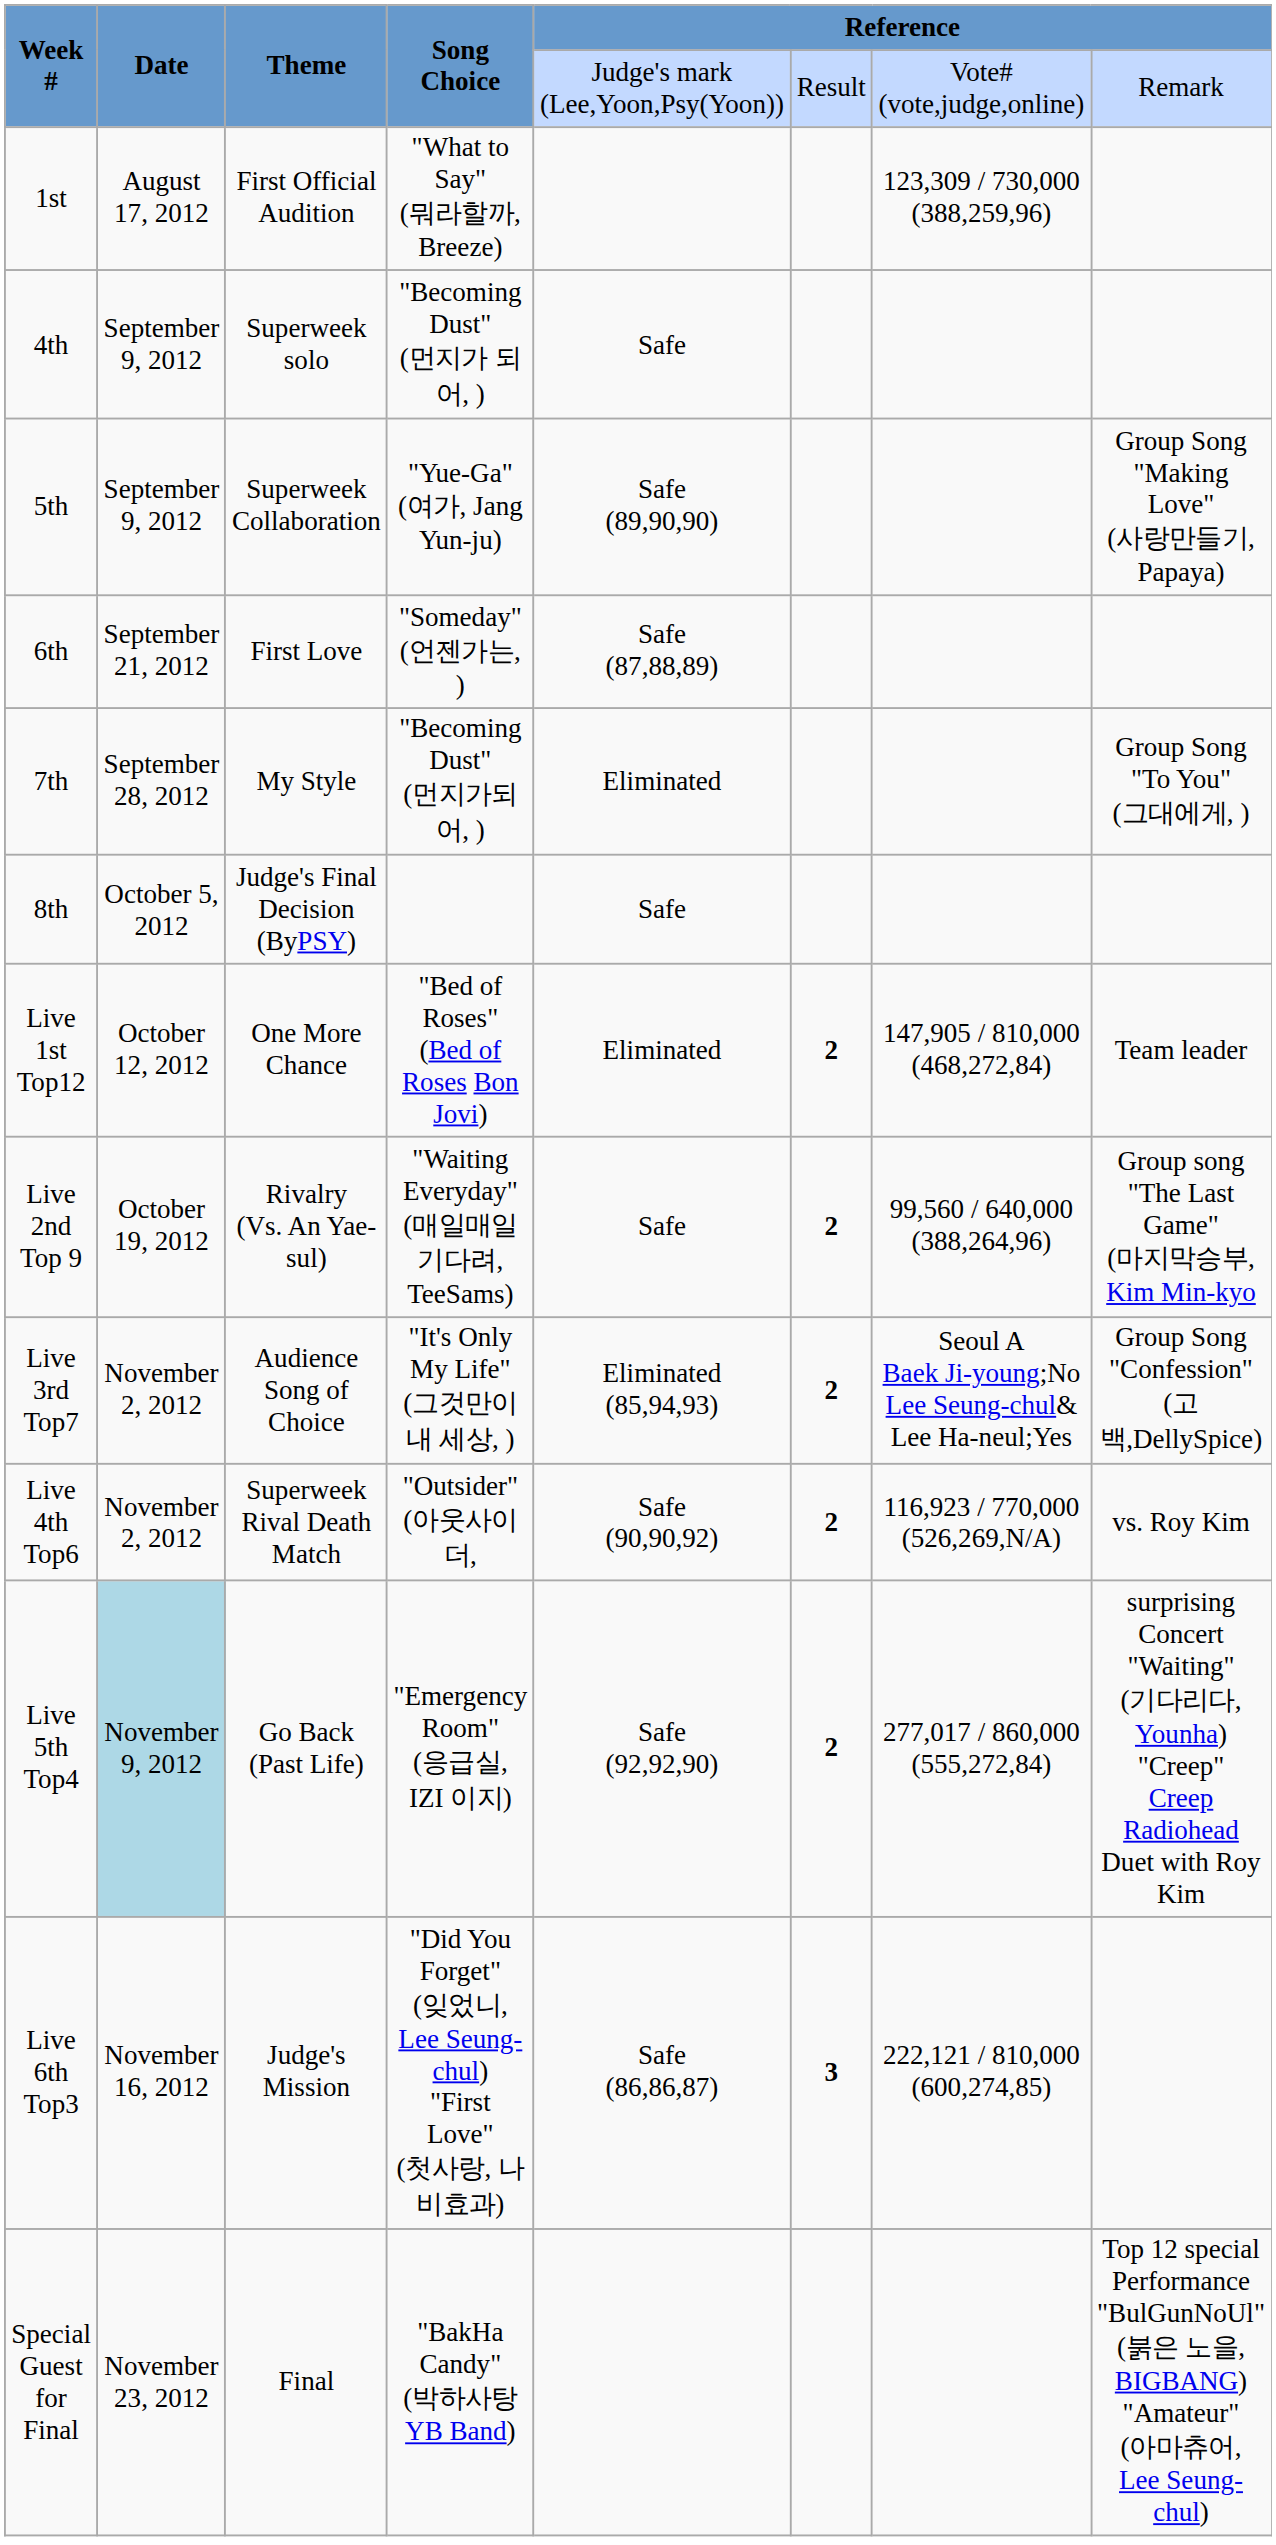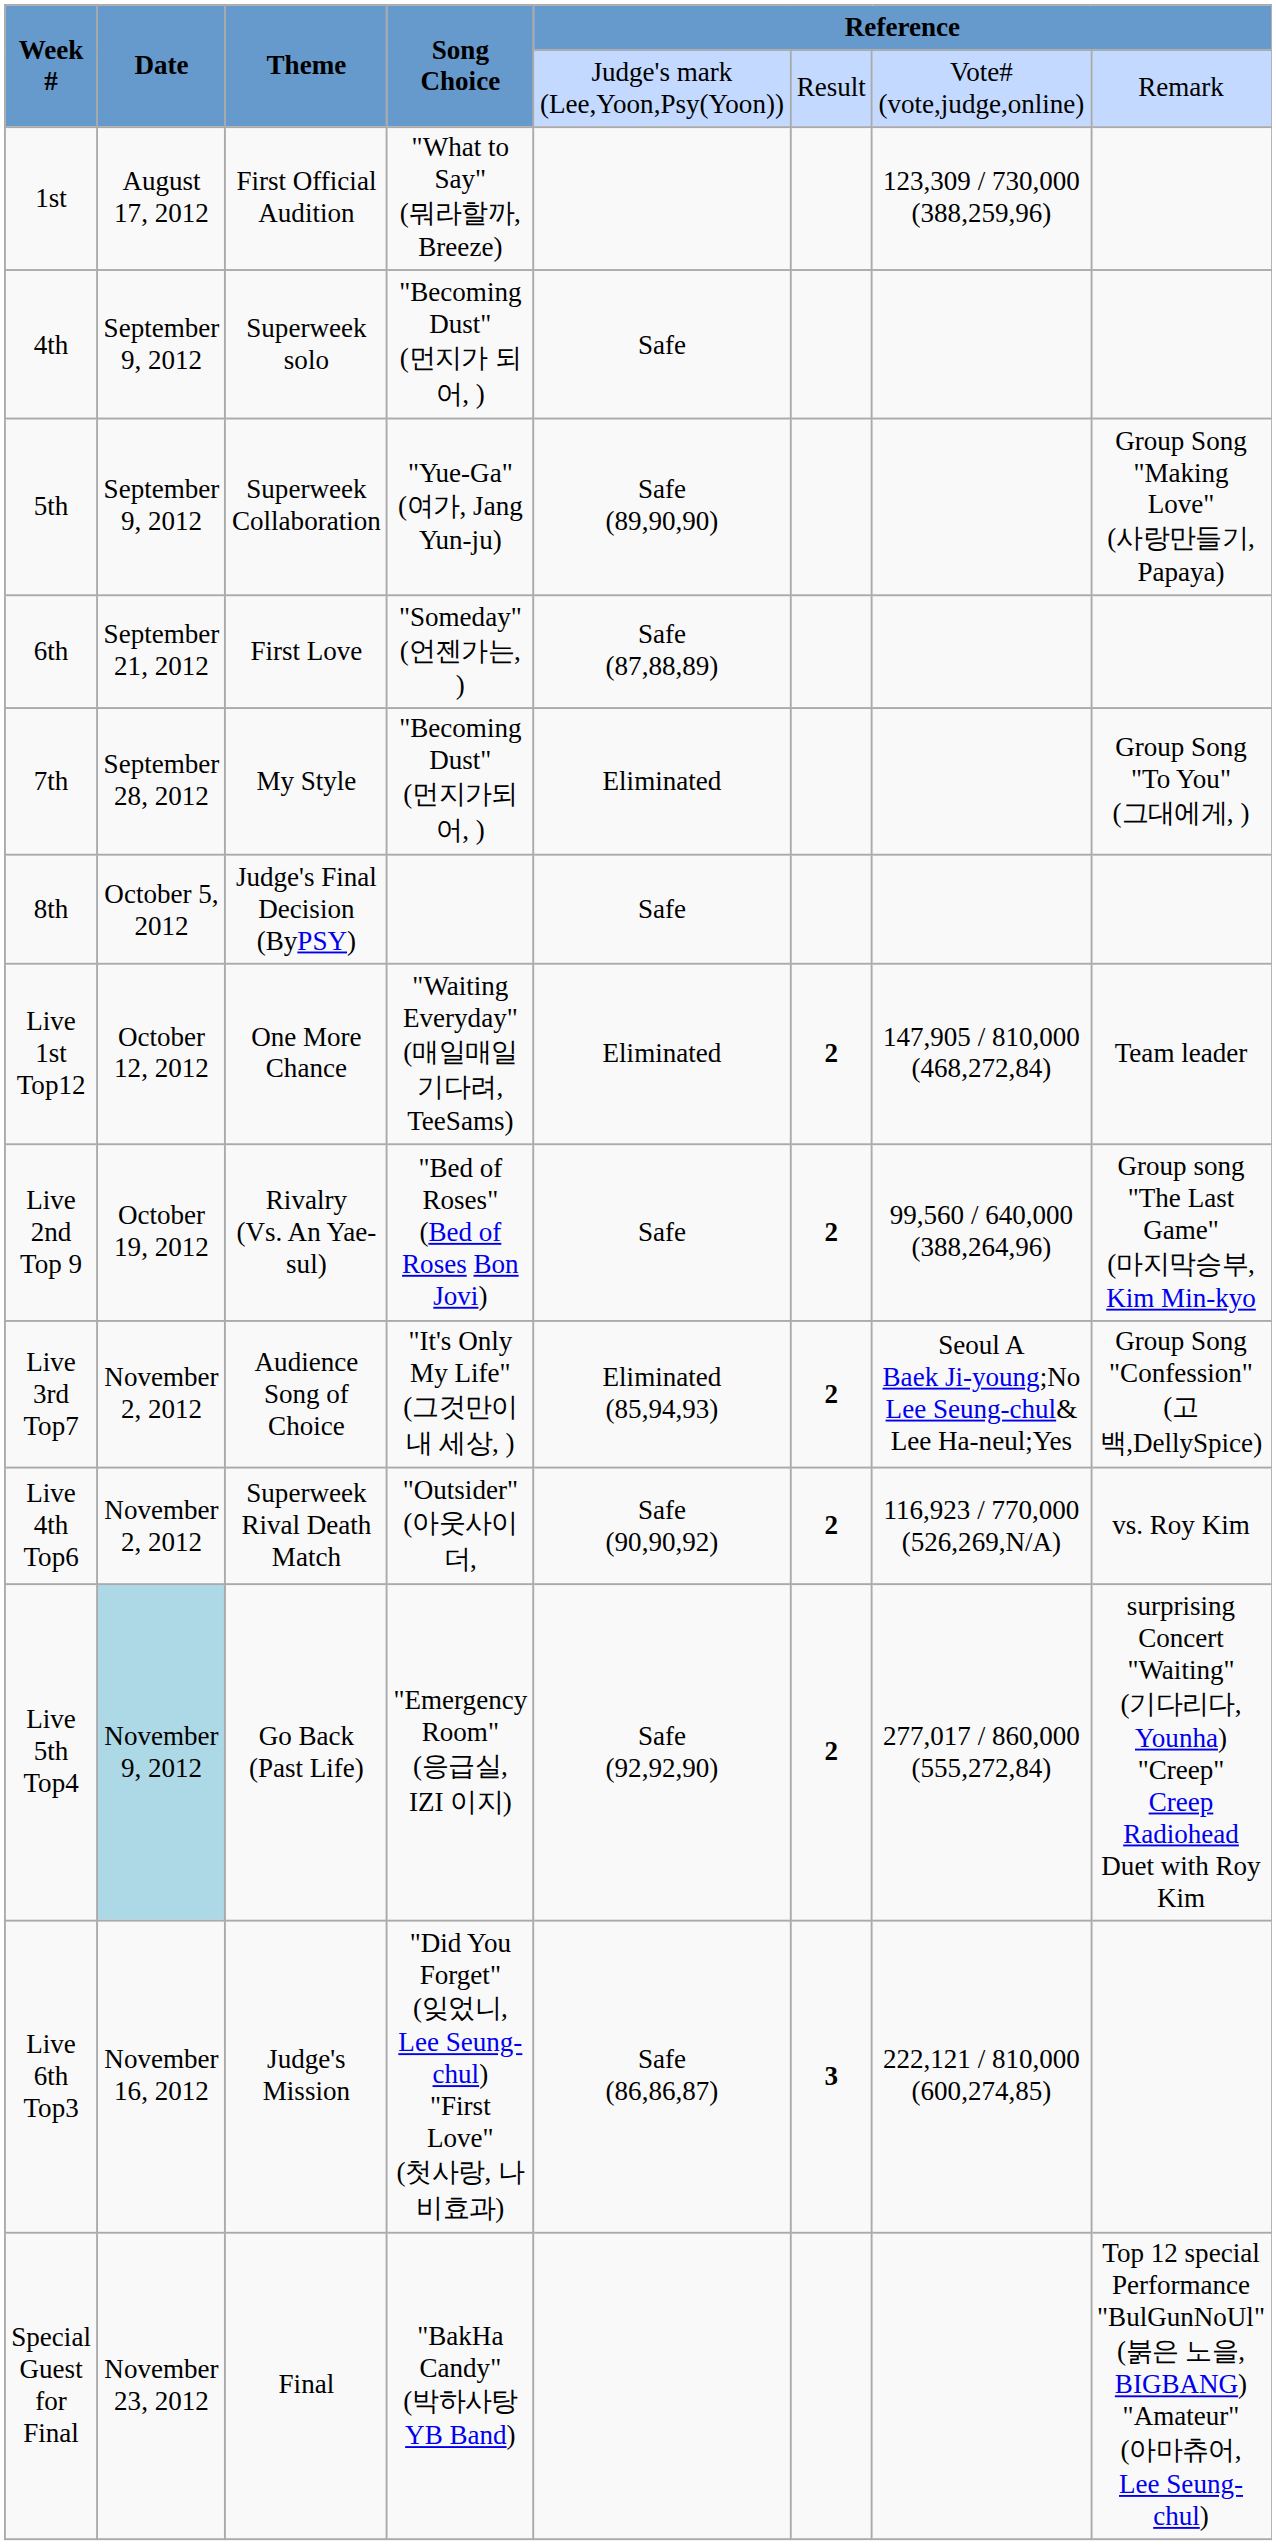 <table class="wikitable"  style="font-size:90%; width:95%;">
 <tr>
 <th rowspan="2"  style="width:4%; background:#69c; text-align:center;">Week #</th>
 <th rowspan="2"  style="width:8%; background:#69c; text-align:center;">Date</th>
 <th rowspan="2" style="width:14%; background:#69c;">Theme</th>
 <th rowspan="2" style="width:23%; background:#69c;">Song Choice</th>
 <th colspan="4" style="width:40%; background:#69c;">Reference</th>
 </tr>
 <tr style="text-align:center; background:#c3d9ff;">
 <td style="width:5%; ">Judge's mark<br>(Lee,Yoon,Psy(Yoon))</td>
 <td style="width:4%; ">Result</td>
 <td style="width:10%; ">Vote#<br>(vote,judge,online)</td>
 <td style="width:14%; ">Remark</td>
 </tr>
 <tr>
 <td style="text-align:center;">1st</td>
 <td style="text-align:center">August 17, 2012</td>
 <td style="text-align:center;">First Official Audition</td>
 <td style="text-align:center;">"What to Say"<br>(뭐라할까, Breeze)</td>
 <td style="text-align:center;"></td>
 <td></td>
 <td style="text-align:center;">123,309 / 730,000<br>(388,259,96)</td>
 <td style="text-align:center;"></td>
 </tr>
 <tr>
 <td style="text-align:center;">4th</td>
 <td style="text-align:center">September 9, 2012</td>
 <td style="text-align:center;">Superweek solo</td>
 <td style="text-align:center;">"Becoming Dust"<br>(먼지가 되어, )</td>
 <td style="text-align:center;">Safe</td>
 <td></td>
 <td></td>
 <td></td>
 </tr>
 <tr>
 <td style="text-align:center;">5th</td>
 <td style="text-align:center">September 9, 2012</td>
 <td style="text-align:center;">Superweek<br>Collaboration</td>
 <td style="text-align:center;">"Yue-Ga"<br>(여가, Jang Yun-ju)</td>
 <td style="text-align:center;">Safe<br>(89,90,90)</td>
 <td></td>
 <td></td>
 <td style="text-align:center;">Group Song<br>"Making Love"<br>(사랑만들기, Papaya)</td>
 </tr>
 <tr>
 <td style="text-align:center;">6th</td>
 <td style="text-align:center">September 21, 2012</td>
 <td style="text-align:center;">First Love</td>
 <td style="text-align:center;">"Someday"<br>(언젠가는, )</td>
 <td style="text-align:center;">Safe<br>(87,88,89)</td>
 <td></td>
 <td></td>
 <td></td>
 </tr>
 <tr>
 <td style="text-align:center;">7th</td>
 <td style="text-align:center">September 28, 2012</td>
 <td style="text-align:center;">My Style</td>
 <td style="text-align:center;">"Becoming Dust"<br>(먼지가되어, )</td>
 <td style="text-align:center;">Eliminated</td>
 <td></td>
 <td></td>
 <td style="text-align:center;">Group Song<br>"To You"<br>(그대에게, )</td>
 </tr>
 <tr>
 <td style="text-align:center;">8th</td>
 <td style="text-align:center">October 5, 2012</td>
 <td style="text-align:center;">Judge's Final<br>Decision (By<a href='#'>PSY</a>)</td>
 <td></td>
 <td style="text-align:center;">Safe</td>
 <td></td>
 <td></td>
 <td></td>
 </tr>
 <tr>
 <td style="text-align:center;">Live 1st Top12</td>
 <td style="text-align:center">October 12, 2012</td>
 <td style="text-align:center;">One More Chance</td>
-<td style="text-align:center;">"Bed of Roses"<br>(<a href='#'>Bed of Roses</a> <a href='#'>Bon Jovi</a>)</td>
+<td style="text-align:center;">"Waiting Everyday"<br>(매일매일 기다려, TeeSams)</td>
 <td style="text-align:center;">Eliminated</td>
 <td style="text-align:center;"><strong>2</strong></td>
 <td style="text-align:center;">147,905 / 810,000<br>(468,272,84)</td>
 <td style="text-align:center;">Team leader</td>
 </tr>
 <tr>
 <td style="text-align:center;">Live 2nd<br>Top 9</td>
 <td style="text-align:center">October 19, 2012</td>
 <td style="text-align:center;">Rivalry<br>(Vs. An Yae-sul)</td>
-<td style="text-align:center;">"Waiting Everyday"<br>(매일매일 기다려, TeeSams)</td>
+<td style="text-align:center;">"Bed of Roses"<br>(<a href='#'>Bed of Roses</a> <a href='#'>Bon Jovi</a>)</td>
 <td style="text-align:center;">Safe</td>
 <td style="text-align:center;"><strong>2</strong></td>
 <td style="text-align:center;">99,560 / 640,000<br>(388,264,96)</td>
 <td style="text-align:center;">Group song<br>"The Last Game"<br>(마지막승부, <a href='#'>Kim Min-kyo</a></td>
 </tr>
 <tr>
 <td style="text-align:center;">Live 3rd<br>Top7</td>
 <td style="text-align:center">November 2, 2012</td>
 <td style="text-align:center;">Audience Song of Choice</td>
 <td style="text-align:center;">"It's Only My Life"<br>(그것만이 내 세상, )</td>
 <td style="text-align:center;">Eliminated<br>(85,94,93)</td>
 <td style="text-align:center;"><strong>2</strong></td>
 <td style="text-align:center;">Seoul A<br><a href='#'>Baek Ji-young</a>;No<br><a href='#'>Lee Seung-chul</a>& Lee Ha-neul;Yes</td>
 <td style="text-align:center;">Group Song<br>"Confession"<br>(고백,DellySpice)</td>
 </tr>
 <tr>
 <td style="text-align:center;">Live 4th<br>Top6</td>
 <td style="text-align:center">November 2, 2012</td>
 <td style="text-align:center;">Superweek<br>Rival Death Match</td>
 <td style="text-align:center;">"Outsider"<br>(아웃사이더, </td>
 <td style="text-align:center;">Safe<br>(90,90,92)</td>
 <td style="text-align:center;"><strong>2</strong></td>
 <td style="text-align:center;">116,923 / 770,000<br>(526,269,N/A)</td>
 <td style="text-align:center;">vs. Roy Kim</td>
 </tr>
 <tr>
 <td style="text-align:center;">Live 5th<br>Top4</td>
 <td style="background: lightblue; text-align:center">November 9, 2012</td>
 <td style="text-align:center;">Go Back<br>(Past Life)</td>
 <td style="text-align:center;">"Emergency Room"<br>(응급실, IZI 이지)</td>
 <td style="text-align:center;">Safe<br>(92,92,90)</td>
 <td style="text-align:center;"><strong>2</strong></td>
 <td style="text-align:center;">277,017 / 860,000<br>(555,272,84)</td>
 <td style="text-align:center;">surprising Concert<br>"Waiting"<br>(기다리다, <a href='#'>Younha</a>)<br>"Creep"<br><a href='#'>Creep</a> <a href='#'>Radiohead</a> Duet with Roy Kim</td>
 </tr>
 <tr>
 <td style="text-align:center;">Live 6th<br>Top3</td>
 <td style="text-align:center">November 16, 2012</td>
 <td style="text-align:center;">Judge's Mission</td>
 <td style="text-align:center;">"Did You Forget"<br>(잊었니, <a href='#'>Lee Seung-chul</a>)<br>"First Love"<br>(첫사랑, 나비효과)</td>
 <td style="text-align:center;">Safe<br>(86,86,87)</td>
 <td style="text-align:center;"><strong>3</strong></td>
 <td style="text-align:center;">222,121 / 810,000<br>(600,274,85)</td>
 <td style="text-align:center;"></td>
 </tr>
 <tr>
 <td style="text-align:center;">Special<br>Guest for Final</td>
 <td style="text-align:center">November 23, 2012</td>
 <td style="text-align:center;">Final</td>
 <td style="text-align:center;">"BakHa Candy"<br>(박하사탕 <a href='#'>YB Band</a>)</td>
 <td></td>
 <td></td>
 <td></td>
 <td style="text-align:center;">Top 12 special Performance<br>"BulGunNoUl"<br>(붉은 노을, <a href='#'>BIGBANG</a>) "Amateur"<br>(아마츄어, <a href='#'>Lee Seung-chul</a>)</td>
 </tr>
 </table>
